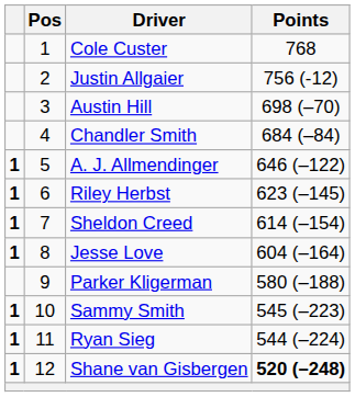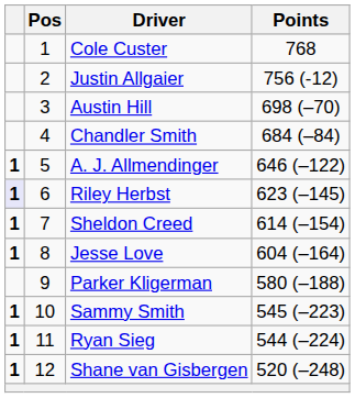 <table class="wikitable" style="font-size: 95%;">
 <tr>
 <th></th>
 <th>Pos</th>
 <th>Driver</th>
 <th>Points</th>
 </tr>
 <tr>
 <td align="left"></td>
 <td style="text-align:center;">1</td>
 <td><a href='#'>Cole Custer</a></td>
 <td style="text-align:center;">768</td>
 </tr>
 <tr>
 <td align="left"></td>
 <td style="text-align:center;">2</td>
 <td><a href='#'>Justin Allgaier</a></td>
 <td style="text-align:center;">756 (-12)</td>
 </tr>
 <tr>
 <td align="left"></td>
 <td style="text-align:center;">3</td>
 <td><a href='#'>Austin Hill</a></td>
 <td style="text-align:center;">698 (–70)</td>
 </tr>
 <tr>
 <td align="left"></td>
 <td style="text-align:center;">4</td>
 <td><a href='#'>Chandler Smith</a></td>
 <td style="text-align:center;">684 (–84)</td>
 </tr>
 <tr>
 <td align="left"> <strong>1</strong></td>
 <td style="text-align:center;">5</td>
 <td><a href='#'>A. J. Allmendinger</a></td>
 <td style="text-align:center;">646 (–122)</td>
 </tr>
 <tr>
-<td align="left"> <strong>1</strong></td>
+<td align="left" style="background: lavender;"> <strong>1</strong></td>
 <td style="text-align:center;">6</td>
 <td><a href='#'>Riley Herbst</a></td>
 <td style="text-align:center;">623 (–145)</td>
 </tr>
 <tr>
 <td align="left"> <strong>1</strong></td>
 <td style="text-align:center;">7</td>
 <td><a href='#'>Sheldon Creed</a></td>
 <td style="text-align:center;">614 (–154)</td>
 </tr>
 <tr>
 <td align="left"> <strong>1</strong></td>
 <td style="text-align:center;">8</td>
 <td><a href='#'>Jesse Love</a></td>
 <td style="text-align:center;">604 (–164)</td>
 </tr>
 <tr>
 <td align="left"></td>
 <td style="text-align:center;">9</td>
 <td><a href='#'>Parker Kligerman</a></td>
 <td style="text-align:center;">580 (–188)</td>
 </tr>
 <tr>
 <td align="left"> <strong>1</strong></td>
 <td style="text-align:center;">10</td>
 <td><a href='#'>Sammy Smith</a></td>
 <td style="text-align:center;">545 (–223)</td>
 </tr>
 <tr>
 <td align="left"> <strong>1</strong></td>
 <td style="text-align:center;">11</td>
 <td><a href='#'>Ryan Sieg</a></td>
 <td style="text-align:center;">544 (–224)</td>
 </tr>
 <tr>
 <td align="left"> <strong>1</strong></td>
 <td style="text-align:center;">12</td>
 <td><a href='#'>Shane van Gisbergen</a></td>
-<td style="text-align:center;"><strong>520 (–248)</strong></td>
+<td style="text-align:center;">520 (–248)</td>
 </tr>
 <tr class="sortbottom">
 <th colspan="9"></th>
 </tr>
 </table>
